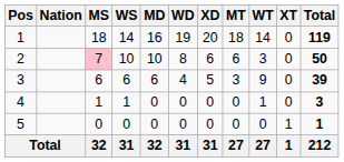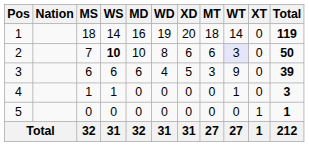 <table class="wikitable" style="text-align:center">
 <tr>
 <th>Pos</th>
 <th>Nation</th>
 <th>MS</th>
 <th>WS</th>
 <th>MD</th>
 <th>WD</th>
 <th>XD</th>
 <th>MT</th>
 <th>WT</th>
 <th>XT</th>
 <th>Total</th>
 </tr>
 <tr>
 <td>1</td>
 <td align=left><strong></strong></td>
 <td>18</td>
 <td>14</td>
 <td>16</td>
 <td>19</td>
 <td>20</td>
 <td>18</td>
 <td>14</td>
 <td>0</td>
 <td><strong>119</strong></td>
 </tr>
 <tr>
 <td>2</td>
 <td align=left></td>
-<td style="background: pink;">7</td>
-<td>10</td>
+<td>7</td>
+<td><strong>10</strong></td>
 <td>10</td>
 <td>8</td>
 <td>6</td>
 <td>6</td>
-<td>3</td>
+<td style="background: lavender;">3</td>
 <td>0</td>
 <td><strong>50</strong></td>
 </tr>
 <tr>
 <td>3</td>
 <td align=left></td>
 <td>6</td>
 <td>6</td>
 <td>6</td>
 <td>4</td>
 <td>5</td>
 <td>3</td>
 <td>9</td>
 <td>0</td>
 <td><strong>39</strong></td>
 </tr>
 <tr>
 <td>4</td>
 <td align=left></td>
 <td>1</td>
 <td>1</td>
 <td>0</td>
 <td>0</td>
 <td>0</td>
 <td>0</td>
 <td>1</td>
 <td>0</td>
 <td><strong>3</strong></td>
 </tr>
 <tr>
 <td>5</td>
 <td align=left></td>
 <td>0</td>
 <td>0</td>
 <td>0</td>
 <td>0</td>
 <td>0</td>
 <td>0</td>
 <td>0</td>
 <td>1</td>
 <td><strong>1</strong></td>
 </tr>
 <tr>
 <th colspan=2>Total</th>
 <th>32</th>
 <th>31</th>
 <th>32</th>
 <th>31</th>
 <th>31</th>
 <th>27</th>
 <th>27</th>
 <th>1</th>
 <th><strong>212</strong></th>
 </tr>
 </table>
